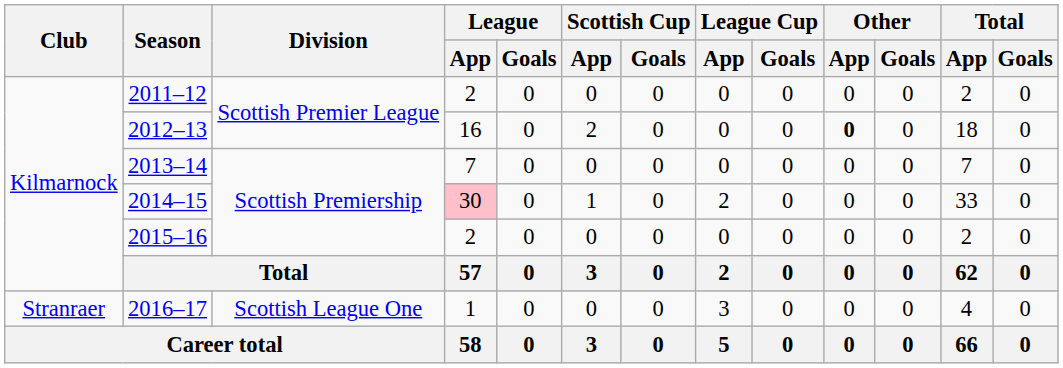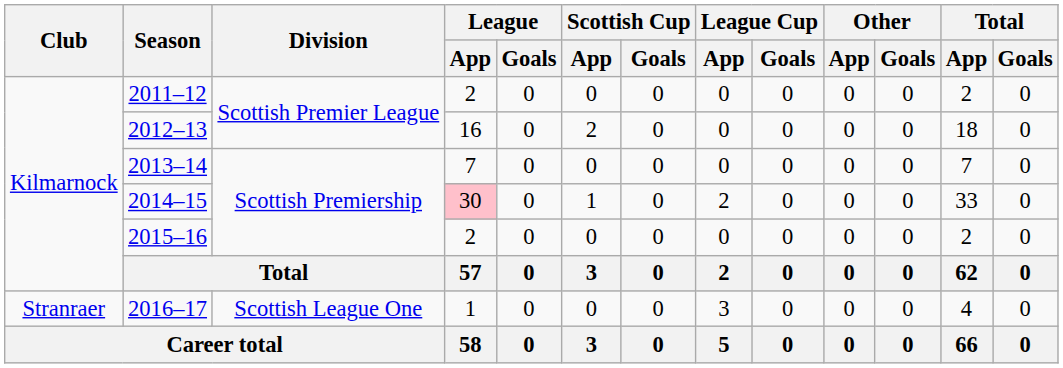 <table class="wikitable" style="text-align: center;">
 <tr>
 <th rowspan=2>Club</th>
 <th rowspan=2>Season</th>
 <th rowspan=2>Division</th>
 <th colspan=2>League</th>
 <th colspan=2>Scottish Cup</th>
 <th colspan=2>League Cup</th>
 <th colspan=2>Other</th>
 <th colspan=2>Total</th>
 </tr>
 <tr>
 <th>App</th>
 <th>Goals</th>
 <th>App</th>
 <th>Goals</th>
 <th>App</th>
 <th>Goals</th>
 <th>App</th>
 <th>Goals</th>
 <th>App</th>
 <th>Goals</th>
 </tr>
 <tr>
 <td rowspan=6><a href='#'>Kilmarnock</a></td>
 <td><a href='#'>2011–12</a></td>
 <td rowspan=2><a href='#'>Scottish Premier League</a></td>
 <td>2</td>
 <td>0</td>
 <td>0</td>
 <td>0</td>
 <td>0</td>
 <td>0</td>
 <td>0</td>
 <td>0</td>
 <td>2</td>
 <td>0</td>
 </tr>
 <tr>
 <td><a href='#'>2012–13</a></td>
 <td>16</td>
 <td>0</td>
 <td>2</td>
 <td>0</td>
 <td>0</td>
 <td>0</td>
-<td><strong>0</strong></td>
+<td>0</td>
 <td>0</td>
 <td>18</td>
 <td>0</td>
 </tr>
 <tr>
 <td><a href='#'>2013–14</a></td>
 <td rowspan=3><a href='#'>Scottish Premiership</a></td>
 <td>7</td>
 <td>0</td>
 <td>0</td>
 <td>0</td>
 <td>0</td>
 <td>0</td>
 <td>0</td>
 <td>0</td>
 <td>7</td>
 <td>0</td>
 </tr>
 <tr>
 <td><a href='#'>2014–15</a></td>
 <td style="background: pink;">30</td>
 <td>0</td>
 <td>1</td>
 <td>0</td>
 <td>2</td>
 <td>0</td>
 <td>0</td>
 <td>0</td>
 <td>33</td>
 <td>0</td>
 </tr>
 <tr>
 <td><a href='#'>2015–16</a></td>
 <td>2</td>
 <td>0</td>
 <td>0</td>
 <td>0</td>
 <td>0</td>
 <td>0</td>
 <td>0</td>
 <td>0</td>
 <td>2</td>
 <td>0</td>
 </tr>
 <tr>
 <th colspan="2">Total</th>
 <th>57</th>
 <th>0</th>
 <th>3</th>
 <th>0</th>
 <th>2</th>
 <th>0</th>
 <th>0</th>
 <th>0</th>
 <th>62</th>
 <th>0</th>
 </tr>
 <tr>
 <td><a href='#'>Stranraer</a></td>
 <td><a href='#'>2016–17</a></td>
 <td><a href='#'>Scottish League One</a></td>
 <td>1</td>
 <td>0</td>
 <td>0</td>
 <td>0</td>
 <td>3</td>
 <td>0</td>
 <td>0</td>
 <td>0</td>
 <td>4</td>
 <td>0</td>
 </tr>
 <tr>
 <th colspan=3>Career total</th>
 <th>58</th>
 <th>0</th>
 <th>3</th>
 <th>0</th>
 <th>5</th>
 <th>0</th>
 <th>0</th>
 <th>0</th>
 <th>66</th>
 <th>0</th>
 </tr>
 </table>
